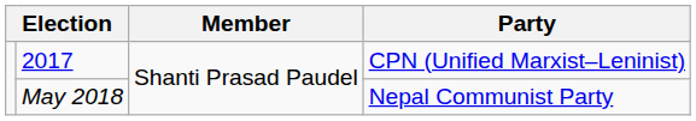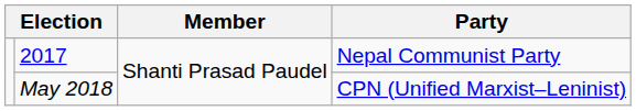 <table class="wikitable">
 <tr>
 <th colspan="2">Election</th>
 <th>Member</th>
 <th>Party</th>
 </tr>
 <tr>
 <td rowspan="2" style="background-color:"></td>
 <td><a href='#'>2017</a></td>
 <td rowspan = "2">Shanti Prasad Paudel</td>
-<td><a href='#'>CPN (Unified Marxist–Leninist)</a></td>
+<td><a href='#'>Nepal Communist Party</a></td>
 </tr>
 <tr>
 <td><em>May 2018</em></td>
-<td><a href='#'>Nepal Communist Party</a></td>
+<td><a href='#'>CPN (Unified Marxist–Leninist)</a></td>
 </tr>
 </table>
